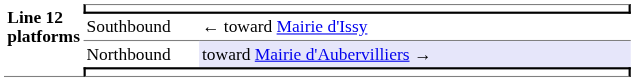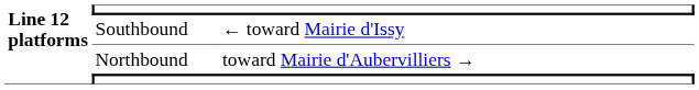 <table border=0 cellspacing=0 cellpadding=3>
 <tr>
 <td style="border-bottom:solid 1px gray;" width=50 rowspan=10 valign=top><strong>Line 12 platforms</strong></td>
 <td style="border-top:solid 1px gray;border-right:solid 2px black;border-left:solid 2px black;border-bottom:solid 2px black;text-align:center;" colspan=2></td>
 </tr>
 <tr>
 <td style="border-bottom:solid 1px gray;" width=100>Southbound</td>
 <td style="border-bottom:solid 1px gray;" width=390>←   toward <a href='#'>Mairie d'Issy</a> </td>
 </tr>
 <tr>
 <td>Northbound</td>
-<td style="background: lavender;">   toward <a href='#'>Mairie d'Aubervilliers</a>  →</td>
+<td>   toward <a href='#'>Mairie d'Aubervilliers</a>  →</td>
 </tr>
 <tr>
 <td style="border-top:solid 2px black;border-right:solid 2px black;border-left:solid 2px black;border-bottom:solid 1px gray;text-align:center;" colspan=2></td>
 </tr>
 </table>
